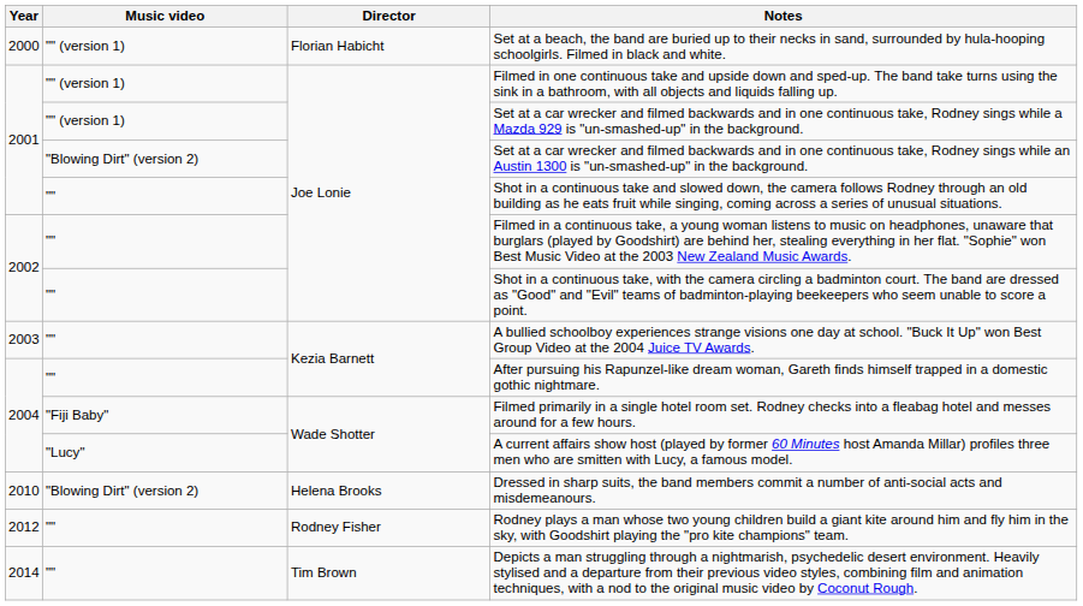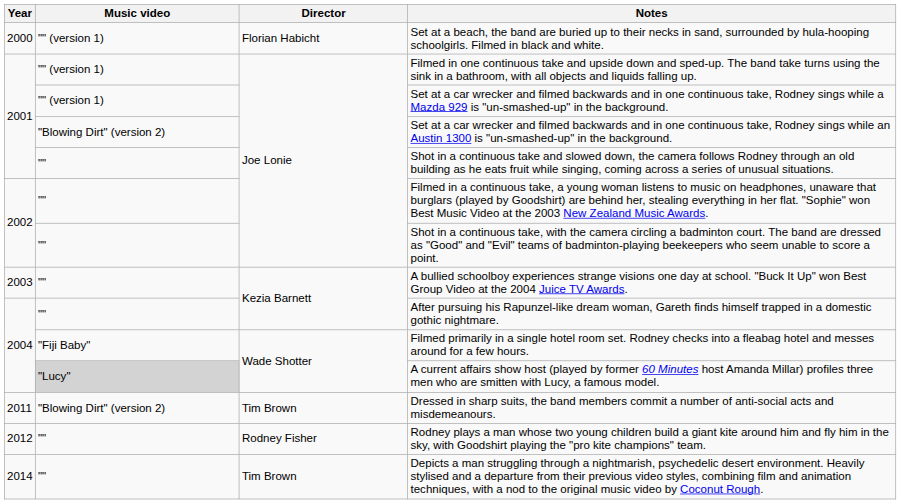 <table class="wikitable plainrowheaders" width=98%>
 <tr>
 <th scope="col" width=3%>Year</th>
 <th scope="col" width=23%>Music video</th>
 <th scope="col" width=19%>Director</th>
 <th scope="col" width=55%>Notes</th>
 </tr>
 <tr>
 <td>2000</td>
 <td>"" (version 1)</td>
 <td>Florian Habicht</td>
 <td>Set at a beach, the band are buried up to their necks in sand, surrounded by hula-hooping schoolgirls. Filmed in black and white.</td>
 </tr>
 <tr>
 <td rowspan=4>2001</td>
 <td>"" (version 1)</td>
 <td rowspan=6>Joe Lonie</td>
 <td>Filmed in one continuous take and upside down and sped-up. The band take turns using the sink in a bathroom, with all objects and liquids falling up.</td>
 </tr>
 <tr>
 <td>"" (version 1)</td>
 <td>Set at a car wrecker and filmed backwards and in one continuous take, Rodney sings while a <a href='#'>Mazda 929</a> is "un-smashed-up" in the background.</td>
 </tr>
 <tr>
 <td>"Blowing Dirt" (version 2)</td>
 <td>Set at a car wrecker and filmed backwards and in one continuous take, Rodney sings while an <a href='#'>Austin 1300</a> is "un-smashed-up" in the background.</td>
 </tr>
 <tr>
 <td>""</td>
 <td>Shot in a continuous take and slowed down, the camera follows Rodney through an old building as he eats fruit while singing, coming across a series of unusual situations.</td>
 </tr>
 <tr>
 <td rowspan=2>2002</td>
 <td>""</td>
 <td>Filmed in a continuous take, a young woman listens to music on headphones, unaware that burglars (played by Goodshirt) are behind her, stealing everything in her flat. "Sophie" won Best Music Video at the 2003 <a href='#'>New Zealand Music Awards</a>.</td>
 </tr>
 <tr>
 <td>""</td>
 <td>Shot in a continuous take, with the camera circling a badminton court. The band are dressed as "Good" and "Evil" teams of badminton-playing beekeepers who seem unable to score a point.</td>
 </tr>
 <tr>
 <td>2003</td>
 <td>""</td>
 <td rowspan=2>Kezia Barnett</td>
 <td>A bullied schoolboy experiences strange visions one day at school. "Buck It Up" won Best Group Video at the 2004 <a href='#'>Juice TV Awards</a>.</td>
 </tr>
 <tr>
 <td rowspan=3>2004</td>
 <td>""</td>
 <td>After pursuing his Rapunzel-like dream woman, Gareth finds himself trapped in a domestic gothic nightmare.</td>
 </tr>
 <tr>
 <td>"Fiji Baby"</td>
 <td rowspan=2>Wade Shotter</td>
 <td>Filmed primarily in a single hotel room set. Rodney checks into a fleabag hotel and messes around for a few hours.</td>
 </tr>
 <tr>
-<td>"Lucy"</td>
+<td style="background: lightgrey;">"Lucy"</td>
 <td>A current affairs show host (played by former <em><a href='#'>60 Minutes</a></em> host Amanda Millar) profiles three men who are smitten with Lucy, a famous model.</td>
 </tr>
 <tr>
-<td>2010</td>
+<td>2011</td>
 <td>"Blowing Dirt" (version 2)</td>
-<td>Helena Brooks</td>
+<td>Tim Brown</td>
 <td>Dressed in sharp suits, the band members commit a number of anti-social acts and misdemeanours.</td>
 </tr>
 <tr>
 <td>2012</td>
 <td>""</td>
 <td>Rodney Fisher</td>
 <td>Rodney plays a man whose two young children build a giant kite around him and fly him in the sky, with Goodshirt playing the "pro kite champions" team.</td>
 </tr>
 <tr>
 <td>2014</td>
 <td>""</td>
 <td>Tim Brown</td>
 <td>Depicts a man struggling through a nightmarish, psychedelic desert environment. Heavily stylised and a departure from their previous video styles, combining film and animation techniques, with a nod to the original music video by <a href='#'>Coconut Rough</a>.</td>
 </tr>
 </table>
